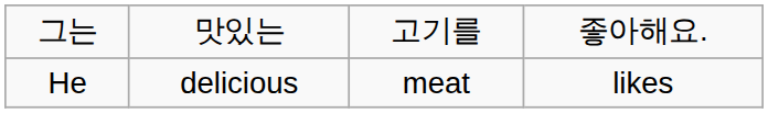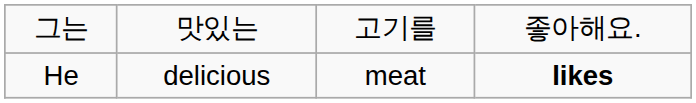 <table class="wikitable" style="text-align:center;width:400px" border="1">
 <tr>
 <td>그는</td>
 <td>맛있는</td>
 <td>고기를</td>
 <td>좋아해요.</td>
 </tr>
 <tr>
 <td>He</td>
 <td>delicious</td>
 <td>meat</td>
-<td>likes</td>
+<td><strong>likes</strong></td>
 </tr>
 </table>
